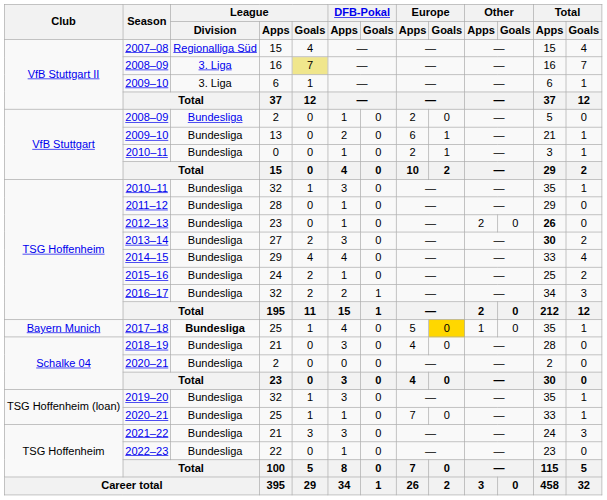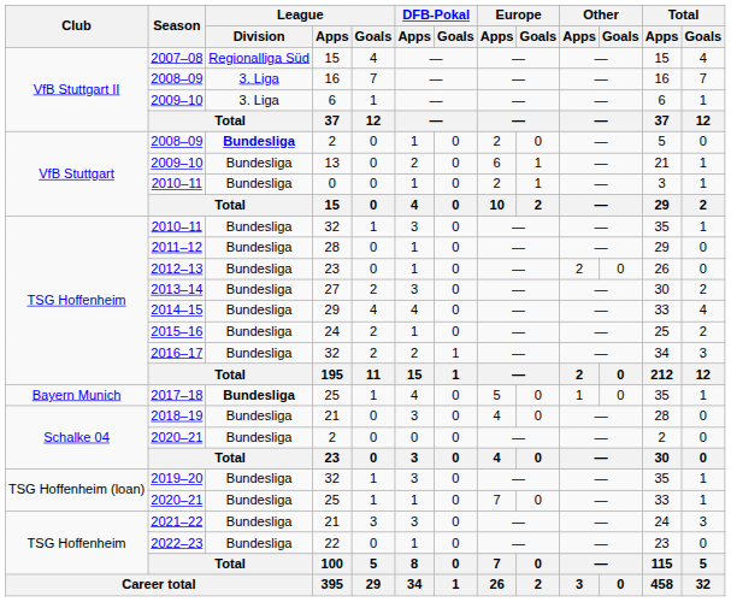 <table class="wikitable" style="text-align:center">
 <tr>
 <th rowspan="2">Club</th>
 <th rowspan="2">Season</th>
 <th colspan="3">League</th>
 <th colspan="2"><a href='#'>DFB-Pokal</a></th>
 <th colspan="2">Europe</th>
 <th colspan="2">Other</th>
 <th colspan="2">Total</th>
 </tr>
 <tr>
 <th>Division</th>
 <th>Apps</th>
 <th>Goals</th>
 <th>Apps</th>
 <th>Goals</th>
 <th>Apps</th>
 <th>Goals</th>
 <th>Apps</th>
 <th>Goals</th>
 <th>Apps</th>
 <th>Goals</th>
 </tr>
 <tr>
 <td rowspan="4"><a href='#'>VfB Stuttgart II</a></td>
 <td><a href='#'>2007–08</a></td>
 <td><a href='#'>Regionalliga Süd</a></td>
 <td>15</td>
 <td>4</td>
 <td colspan="2">—</td>
 <td colspan="2">—</td>
 <td colspan="2">—</td>
 <td>15</td>
 <td>4</td>
 </tr>
 <tr>
 <td><a href='#'>2008–09</a></td>
 <td><a href='#'>3. Liga</a></td>
 <td>16</td>
-<td style="background: khaki;">7</td>
+<td>7</td>
 <td colspan="2">—</td>
 <td colspan="2">—</td>
 <td colspan="2">—</td>
 <td>16</td>
 <td>7</td>
 </tr>
 <tr>
 <td><a href='#'>2009–10</a></td>
 <td>3. Liga</td>
 <td>6</td>
 <td>1</td>
 <td colspan="2">—</td>
 <td colspan="2">—</td>
 <td colspan="2">—</td>
 <td>6</td>
 <td>1</td>
 </tr>
 <tr>
 <th colspan="2">Total</th>
 <th>37</th>
 <th>12</th>
 <th colspan="2">—</th>
 <th colspan="2">—</th>
 <th colspan="2">—</th>
 <th>37</th>
 <th>12</th>
 </tr>
 <tr>
 <td rowspan="4"><a href='#'>VfB Stuttgart</a></td>
 <td><a href='#'>2008–09</a></td>
-<td><a href='#'>Bundesliga</a></td>
+<td><strong><a href='#'>Bundesliga</a></strong></td>
 <td>2</td>
 <td>0</td>
 <td>1</td>
 <td>0</td>
 <td>2</td>
 <td>0</td>
 <td colspan="2">—</td>
 <td>5</td>
 <td>0</td>
 </tr>
 <tr>
 <td><a href='#'>2009–10</a></td>
 <td>Bundesliga</td>
 <td>13</td>
 <td>0</td>
 <td>2</td>
 <td>0</td>
 <td>6</td>
 <td>1</td>
 <td colspan="2">—</td>
 <td>21</td>
 <td>1</td>
 </tr>
 <tr>
 <td><a href='#'>2010–11</a></td>
 <td>Bundesliga</td>
 <td>0</td>
 <td>0</td>
 <td>1</td>
 <td>0</td>
 <td>2</td>
 <td>1</td>
 <td colspan="2">—</td>
 <td>3</td>
 <td>1</td>
 </tr>
 <tr>
 <th colspan="2">Total</th>
 <th>15</th>
 <th>0</th>
 <th>4</th>
 <th>0</th>
 <th>10</th>
 <th>2</th>
 <th colspan="2">—</th>
 <th>29</th>
 <th>2</th>
 </tr>
 <tr>
 <td rowspan="8"><a href='#'>TSG Hoffenheim</a></td>
 <td><a href='#'>2010–11</a></td>
 <td>Bundesliga</td>
 <td>32</td>
 <td>1</td>
 <td>3</td>
 <td>0</td>
 <td colspan="2">—</td>
 <td colspan="2">—</td>
 <td>35</td>
 <td>1</td>
 </tr>
 <tr>
 <td><a href='#'>2011–12</a></td>
 <td>Bundesliga</td>
 <td>28</td>
 <td>0</td>
 <td>1</td>
 <td>0</td>
 <td colspan="2">—</td>
 <td colspan="2">—</td>
 <td>29</td>
 <td>0</td>
 </tr>
 <tr>
 <td><a href='#'>2012–13</a></td>
 <td>Bundesliga</td>
 <td>23</td>
 <td>0</td>
 <td>1</td>
 <td>0</td>
 <td colspan="2">—</td>
 <td>2</td>
 <td>0</td>
-<td><strong>26</strong></td>
+<td>26</td>
 <td>0</td>
 </tr>
 <tr>
 <td><a href='#'>2013–14</a></td>
 <td>Bundesliga</td>
 <td>27</td>
 <td>2</td>
 <td>3</td>
 <td>0</td>
 <td colspan="2">—</td>
 <td colspan="2">—</td>
-<td><strong>30</strong></td>
+<td>30</td>
 <td>2</td>
 </tr>
 <tr>
 <td><a href='#'>2014–15</a></td>
 <td>Bundesliga</td>
 <td>29</td>
 <td>4</td>
 <td>4</td>
 <td>0</td>
 <td colspan="2">—</td>
 <td colspan="2">—</td>
 <td>33</td>
 <td>4</td>
 </tr>
 <tr>
 <td><a href='#'>2015–16</a></td>
 <td>Bundesliga</td>
 <td>24</td>
 <td>2</td>
 <td>1</td>
 <td>0</td>
 <td colspan="2">—</td>
 <td colspan="2">—</td>
 <td>25</td>
 <td>2</td>
 </tr>
 <tr>
 <td><a href='#'>2016–17</a></td>
 <td>Bundesliga</td>
 <td>32</td>
 <td>2</td>
 <td>2</td>
 <td>1</td>
 <td colspan="2">—</td>
 <td colspan="2">—</td>
 <td>34</td>
 <td>3</td>
 </tr>
 <tr>
 <th colspan="2">Total</th>
 <th>195</th>
 <th>11</th>
 <th>15</th>
 <th>1</th>
 <th colspan="2">—</th>
 <th>2</th>
 <th>0</th>
 <th>212</th>
 <th>12</th>
 </tr>
 <tr>
 <td><a href='#'>Bayern Munich</a></td>
 <td><a href='#'>2017–18</a></td>
 <td><strong>Bundesliga</strong></td>
 <td>25</td>
 <td>1</td>
 <td>4</td>
 <td>0</td>
 <td>5</td>
-<td style="background: gold;">0</td>
+<td>0</td>
 <td>1</td>
 <td>0</td>
 <td>35</td>
 <td>1</td>
 </tr>
 <tr>
 <td rowspan="3"><a href='#'>Schalke 04</a></td>
 <td><a href='#'>2018–19</a></td>
 <td>Bundesliga</td>
 <td>21</td>
 <td>0</td>
 <td>3</td>
 <td>0</td>
 <td>4</td>
 <td>0</td>
 <td colspan="2">—</td>
 <td>28</td>
 <td>0</td>
 </tr>
 <tr>
 <td><a href='#'>2020–21</a></td>
 <td>Bundesliga</td>
 <td>2</td>
 <td>0</td>
 <td>0</td>
 <td>0</td>
 <td colspan="2">—</td>
 <td colspan="2">—</td>
 <td>2</td>
 <td>0</td>
 </tr>
 <tr>
 <th colspan="2">Total</th>
 <th>23</th>
 <th>0</th>
 <th>3</th>
 <th>0</th>
 <th>4</th>
 <th>0</th>
 <th colspan="2">—</th>
 <th>30</th>
 <th>0</th>
 </tr>
 <tr>
 <td rowspan="2">TSG Hoffenheim (loan)</td>
 <td><a href='#'>2019–20</a></td>
 <td>Bundesliga</td>
 <td>32</td>
 <td>1</td>
 <td>3</td>
 <td>0</td>
 <td colspan="2">—</td>
 <td colspan="2">—</td>
 <td>35</td>
 <td>1</td>
 </tr>
 <tr>
 <td><a href='#'>2020–21</a></td>
 <td>Bundesliga</td>
 <td>25</td>
 <td>1</td>
 <td>1</td>
 <td>0</td>
 <td>7</td>
 <td>0</td>
 <td colspan="2">—</td>
 <td>33</td>
 <td>1</td>
 </tr>
 <tr>
 <td rowspan="3">TSG Hoffenheim</td>
 <td><a href='#'>2021–22</a></td>
 <td>Bundesliga</td>
 <td>21</td>
 <td>3</td>
 <td>3</td>
 <td>0</td>
 <td colspan="2">—</td>
 <td colspan="2">—</td>
 <td>24</td>
 <td>3</td>
 </tr>
 <tr>
 <td><a href='#'>2022–23</a></td>
 <td>Bundesliga</td>
 <td>22</td>
 <td>0</td>
 <td>1</td>
 <td>0</td>
 <td colspan="2">—</td>
 <td colspan="2">—</td>
 <td>23</td>
 <td>0</td>
 </tr>
 <tr>
 <th colspan="2">Total</th>
 <th>100</th>
 <th>5</th>
 <th>8</th>
 <th>0</th>
 <th>7</th>
 <th>0</th>
 <th colspan="2">—</th>
 <th>115</th>
 <th>5</th>
 </tr>
 <tr>
 <th colspan="3">Career total</th>
 <th>395</th>
 <th>29</th>
 <th>34</th>
 <th>1</th>
 <th>26</th>
 <th>2</th>
 <th>3</th>
 <th>0</th>
 <th>458</th>
 <th>32</th>
 </tr>
 </table>
